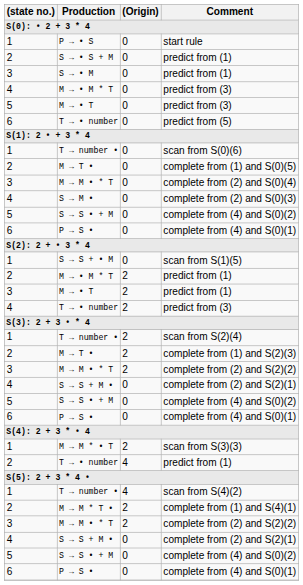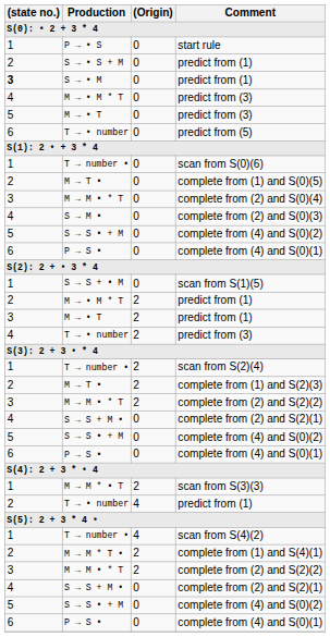 <table class="wikitable">
 <tr>
 <th>(state no.)</th>
 <th>Production</th>
 <th>(Origin)</th>
 <th>Comment</th>
 </tr>
 <tr ---------------------------------------->
 <th scope="row" colspan="4" style="text-align:left; background:#e9e9e9;font-family:monospace">S(0): • 2 + 3 * 4</th>
 </tr>
 <tr>
 <td>1</td>
 <td style="font-family:monospace">P → • S</td>
 <td>0</td>
 <td>start rule</td>
 </tr>
 <tr>
 <td>2</td>
 <td style="font-family:monospace">S → • S + M</td>
 <td>0</td>
 <td>predict from (1)</td>
 </tr>
 <tr>
-<td>3</td>
+<td><strong>3</strong></td>
 <td style="font-family:monospace">S → • M</td>
 <td>0</td>
 <td>predict from (1)</td>
 </tr>
 <tr>
 <td>4</td>
 <td style="font-family:monospace">M → • M * T</td>
 <td>0</td>
 <td>predict from (3)</td>
 </tr>
 <tr>
 <td>5</td>
 <td style="font-family:monospace">M → • T</td>
 <td>0</td>
 <td>predict from (3)</td>
 </tr>
 <tr>
 <td>6</td>
 <td style="font-family:monospace">T → • number</td>
 <td>0</td>
 <td>predict from (5)</td>
 </tr>
 <tr>
 <th scope="row" colspan="4" style="text-align:left; background:#e9e9e9;font-family:monospace">S(1): 2 • + 3 * 4</th>
 </tr>
 <tr>
 <td>1</td>
 <td style="font-family:monospace">T → number •</td>
 <td>0</td>
 <td>scan from S(0)(6)</td>
 </tr>
 <tr>
 <td>2</td>
 <td style="font-family:monospace">M → T •</td>
 <td>0</td>
 <td>complete from (1) and S(0)(5)</td>
 </tr>
 <tr>
 <td>3</td>
 <td style="font-family:monospace">M → M • * T</td>
 <td>0</td>
 <td>complete from (2) and S(0)(4)</td>
 </tr>
 <tr>
 <td>4</td>
 <td style="font-family:monospace">S → M •</td>
 <td>0</td>
 <td>complete from (2) and S(0)(3)</td>
 </tr>
 <tr>
 <td>5</td>
 <td style="font-family:monospace">S → S • + M</td>
 <td>0</td>
 <td>complete from (4) and S(0)(2)</td>
 </tr>
 <tr>
 <td>6</td>
 <td style="font-family:monospace">P → S •</td>
 <td>0</td>
 <td>complete from (4) and S(0)(1)</td>
 </tr>
 <tr>
 <th scope="row" colspan="4" style="text-align:left; background:#e9e9e9;font-family:monospace">S(2): 2 + • 3 * 4</th>
 </tr>
 <tr>
 <td>1</td>
 <td style="font-family:monospace">S → S + • M</td>
 <td>0</td>
 <td>scan from S(1)(5)</td>
 </tr>
 <tr>
 <td>2</td>
 <td style="font-family:monospace">M → • M * T</td>
 <td>2</td>
 <td>predict from (1)</td>
 </tr>
 <tr>
 <td>3</td>
 <td style="font-family:monospace">M → • T</td>
 <td>2</td>
 <td>predict from (1)</td>
 </tr>
 <tr>
 <td>4</td>
 <td style="font-family:monospace">T → • number</td>
 <td>2</td>
 <td>predict from (3)</td>
 </tr>
 <tr>
 <th scope="row" colspan="4" style="text-align:left; background:#e9e9e9;font-family:monospace">S(3): 2 + 3 • * 4</th>
 </tr>
 <tr>
 <td>1</td>
 <td style="font-family:monospace">T → number •</td>
 <td>2</td>
 <td>scan from S(2)(4)</td>
 </tr>
 <tr>
 <td>2</td>
 <td style="font-family:monospace">M → T •</td>
 <td>2</td>
 <td>complete from (1) and S(2)(3)</td>
 </tr>
 <tr>
 <td>3</td>
 <td style="font-family:monospace">M → M • * T</td>
 <td>2</td>
 <td>complete from (2) and S(2)(2)</td>
 </tr>
 <tr>
 <td>4</td>
 <td style="font-family:monospace">S → S + M •</td>
 <td>0</td>
 <td>complete from (2) and S(2)(1)</td>
 </tr>
 <tr>
 <td>5</td>
 <td style="font-family:monospace">S → S • + M</td>
 <td>0</td>
 <td>complete from (4) and S(0)(2)</td>
 </tr>
 <tr>
 <td>6</td>
 <td style="font-family:monospace">P → S •</td>
 <td>0</td>
 <td>complete from (4) and S(0)(1)</td>
 </tr>
 <tr>
 <th scope="row" colspan="4" style="text-align:left; background:#e9e9e9;font-family:monospace">S(4): 2 + 3 * • 4</th>
 </tr>
 <tr>
 <td>1</td>
 <td style="font-family:monospace">M → M * • T</td>
 <td>2</td>
 <td>scan from S(3)(3)</td>
 </tr>
 <tr>
 <td>2</td>
 <td style="font-family:monospace">T → • number</td>
 <td>4</td>
 <td>predict from (1)</td>
 </tr>
 <tr>
 <th scope="row" colspan="4" style="text-align:left; background:#e9e9e9;font-family:monospace">S(5): 2 + 3 * 4 •</th>
 </tr>
 <tr>
 <td>1</td>
 <td style="font-family:monospace">T → number •</td>
 <td>4</td>
 <td>scan from S(4)(2)</td>
 </tr>
 <tr>
 <td>2</td>
 <td style="font-family:monospace">M → M * T •</td>
 <td>2</td>
 <td>complete from (1) and S(4)(1)</td>
 </tr>
 <tr>
 <td>3</td>
 <td style="font-family:monospace">M → M • * T</td>
 <td>2</td>
 <td>complete from (2) and S(2)(2)</td>
 </tr>
 <tr>
 <td>4</td>
 <td style="font-family:monospace">S → S + M •</td>
 <td>0</td>
 <td>complete from (2) and S(2)(1)</td>
 </tr>
 <tr>
 <td>5</td>
 <td style="font-family:monospace">S → S • + M</td>
 <td>0</td>
 <td>complete from (4) and S(0)(2)</td>
 </tr>
 <tr>
 <td>6</td>
 <td style="font-family:monospace">P → S •</td>
 <td>0</td>
 <td>complete from (4) and S(0)(1)</td>
 </tr>
 <tr>
 </tr>
 </table>
